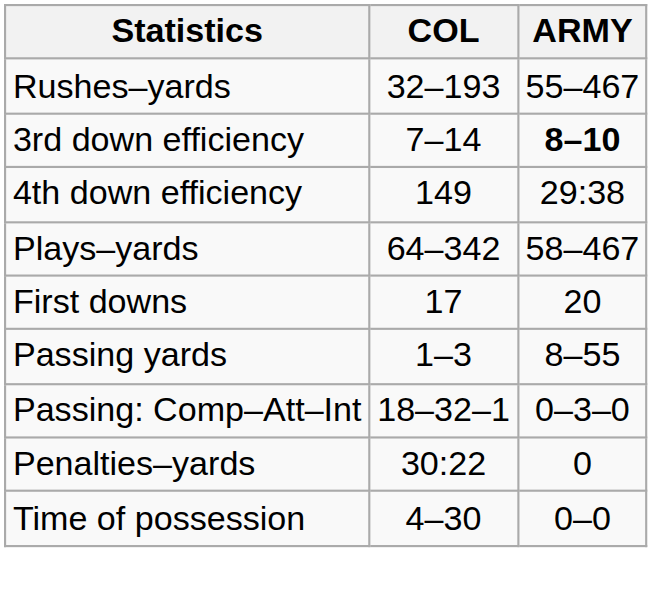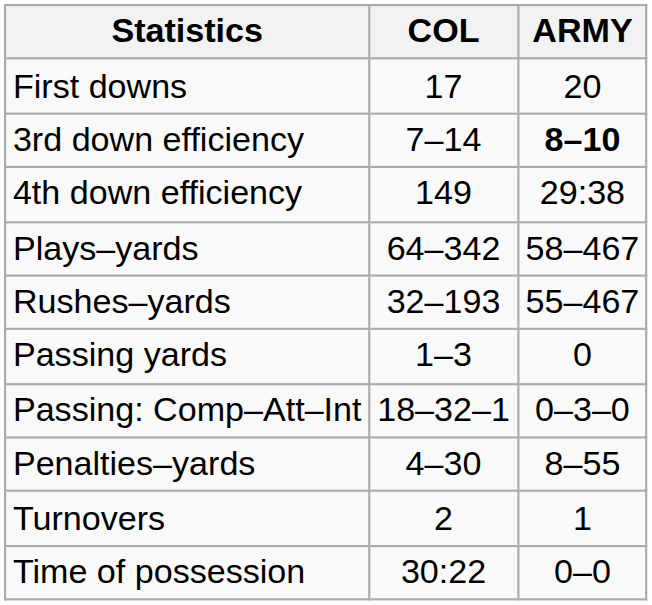 <table class="wikitable">
 <tr>
 <th>Statistics</th>
 <th>COL</th>
 <th>ARMY</th>
 </tr>
 <tr>
-<td>Rushes–yards</td>
-<td align=center>32–193</td>
-<td align=center>55–467</td>
+<td>First downs</td>
+<td align=center>17</td>
+<td align=center>20</td>
 </tr>
 <tr>
 <td>3rd down efficiency</td>
 <td align=center>7–14</td>
 <td align=center><strong>8–10</strong></td>
 </tr>
 <tr>
 <td>4th down efficiency</td>
 <td align=center>149</td>
 <td align=center>29:38</td>
 </tr>
 <tr>
 <td>Plays–yards</td>
 <td align=center>64–342</td>
 <td align=center>58–467</td>
 </tr>
 <tr>
-<td>First downs</td>
-<td align=center>17</td>
-<td align=center>20</td>
+<td>Rushes–yards</td>
+<td align=center>32–193</td>
+<td align=center>55–467</td>
 </tr>
 <tr>
 <td>Passing yards</td>
 <td align=center>1–3</td>
-<td align=center>8–55</td>
+<td align=center>0</td>
 </tr>
 <tr>
 <td>Passing: Comp–Att–Int</td>
 <td align=center>18–32–1</td>
 <td align=center>0–3–0</td>
 </tr>
 <tr>
 <td>Penalties–yards</td>
-<td align=center>30:22</td>
-<td align=center>0</td>
+<td align=center>4–30</td>
+<td align=center>8–55</td>
+</tr>
+<tr>
+<td>Turnovers</td>
+<td align=center>2</td>
+<td align=center>1</td>
 </tr>
 <tr>
 <td>Time of possession</td>
-<td align=center>4–30</td>
+<td align=center>30:22</td>
 <td align=center>0–0</td>
 </tr>
 </table>
